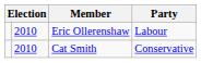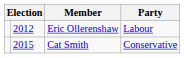 <table class="wikitable">
 <tr>
 <th colspan="2">Election</th>
 <th>Member</th>
 <th>Party</th>
 </tr>
 <tr>
 <td style="color:inherit;background-color: "></td>
-<td><a href='#'>2010</a></td>
+<td><a href='#'>2012</a></td>
 <td><a href='#'>Eric Ollerenshaw</a></td>
 <td><a href='#'>Labour</a></td>
 </tr>
 <tr>
 <td style="color:inherit;background-color: "></td>
-<td><a href='#'>2010</a></td>
+<td><a href='#'>2015</a></td>
 <td><a href='#'>Cat Smith</a></td>
 <td><a href='#'>Conservative</a></td>
 </tr>
 </table>
